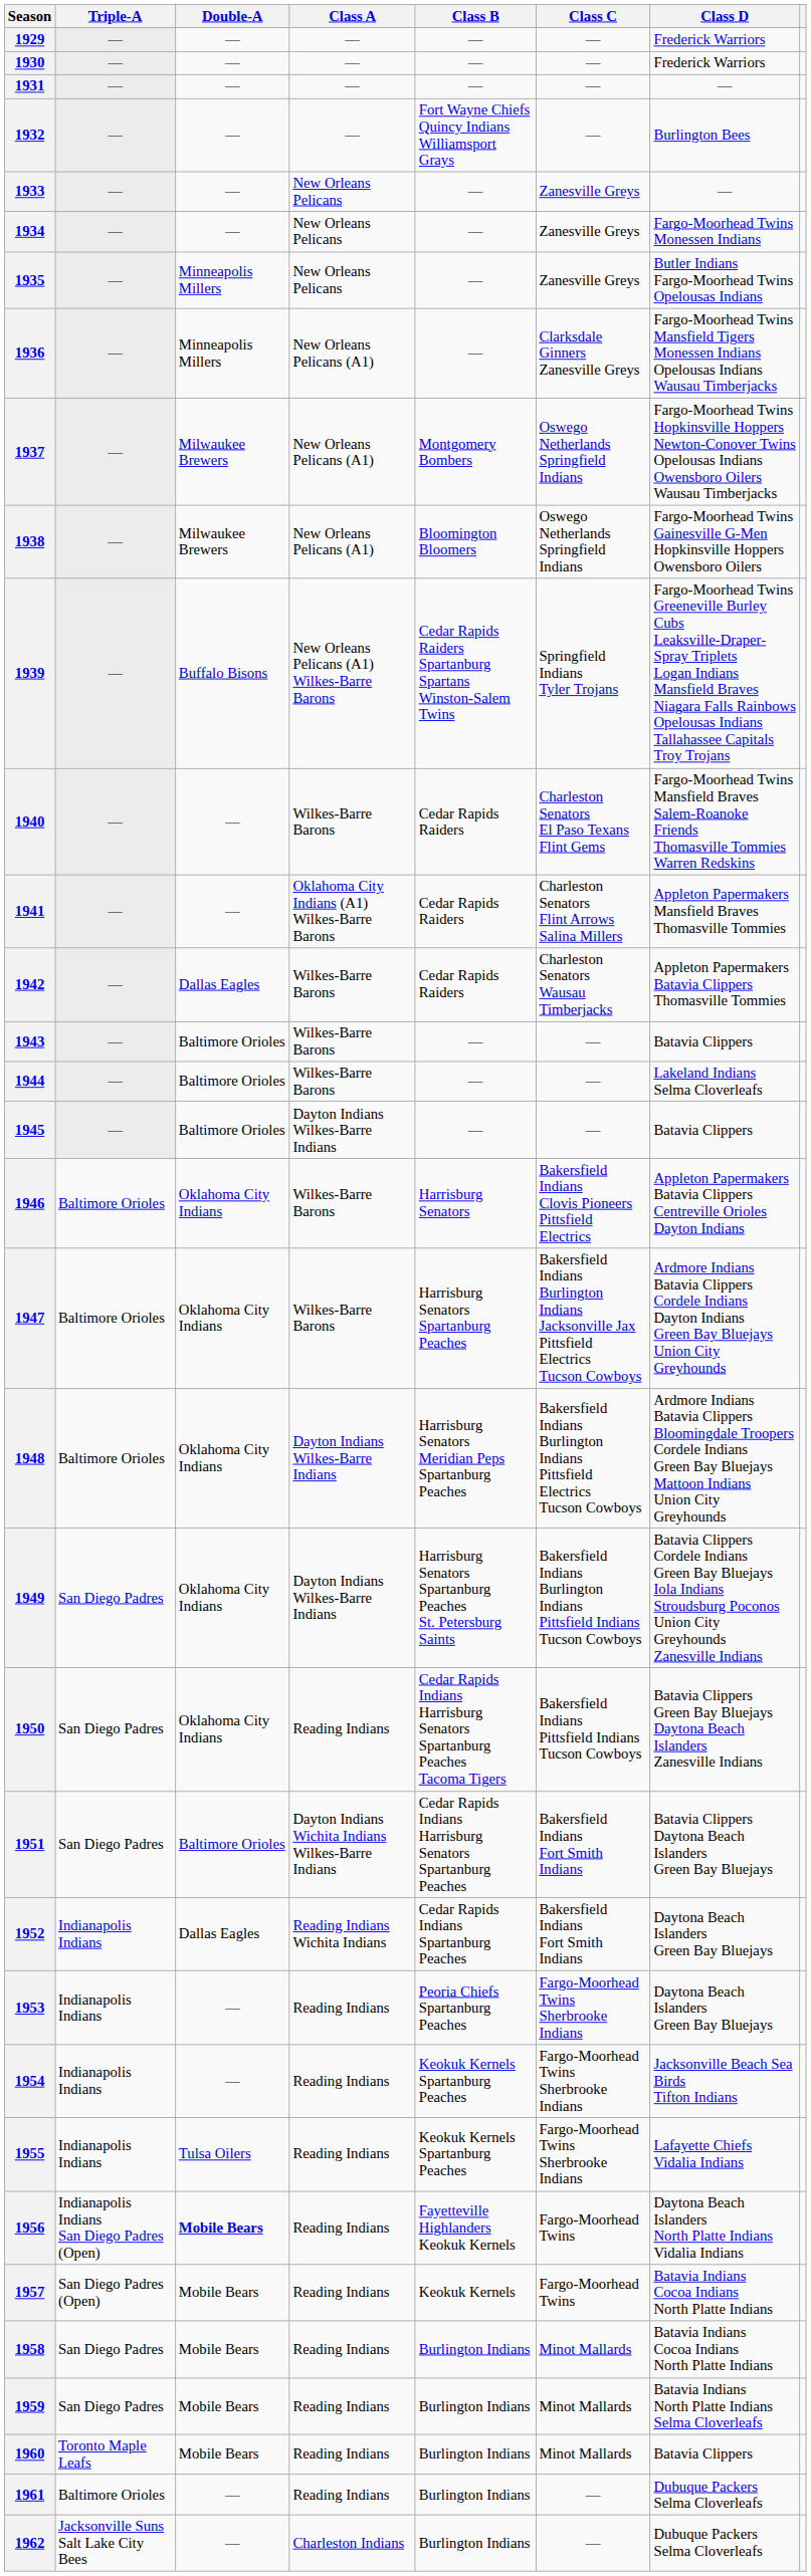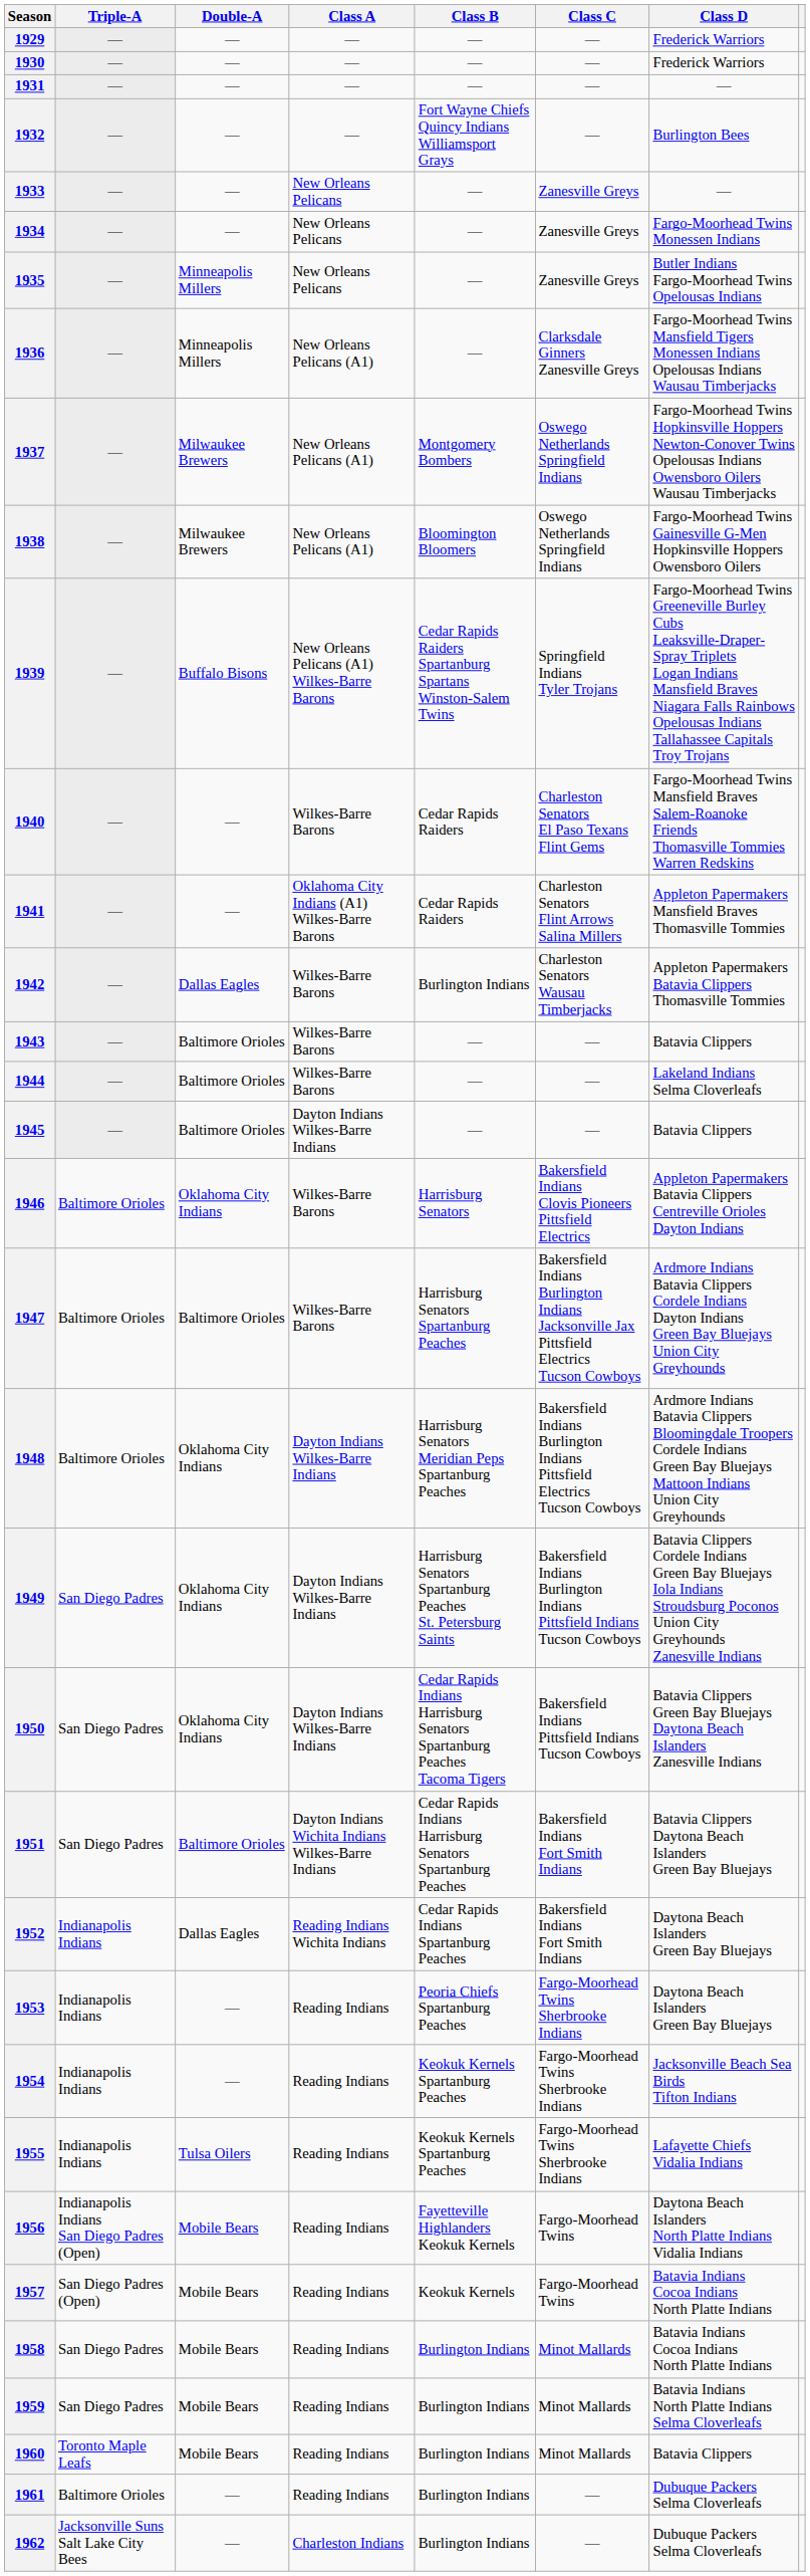 <table class="wikitable plainrowheaders">
 <tr>
 <th scope="col">Season</th>
 <th scope="col"><a href='#'><span>Triple-A</span></a></th>
 <th scope="col"><a href='#'><span>Double-A</span></a></th>
 <th scope="col"><a href='#'><span>Class A</span></a></th>
 <th scope="col"><a href='#'><span>Class B</span></a></th>
 <th scope="col"><a href='#'><span>Class C</span></a></th>
 <th scope="col"><a href='#'><span>Class D</span></a></th>
 <th scope="col"></th>
 </tr>
 <tr>
 <th scope="row" style="text-align:center"><a href='#'>1929</a></th>
 <td style="background:#ececec" align="center">—</td>
 <td align="center">—</td>
 <td align="center">—</td>
 <td align="center">—</td>
 <td align="center">—</td>
 <td><a href='#'>Frederick Warriors</a></td>
 <td align="center"></td>
 </tr>
 <tr>
 <th scope="row" style="text-align:center"><a href='#'>1930</a></th>
 <td style="background:#ececec" align="center">—</td>
 <td align="center">—</td>
 <td align="center">—</td>
 <td align="center">—</td>
 <td align="center">—</td>
 <td>Frederick Warriors</td>
 <td align="center"></td>
 </tr>
 <tr>
 <th scope="row" style="text-align:center"><a href='#'>1931</a></th>
 <td style="background:#ececec" align="center">—</td>
 <td align="center">—</td>
 <td align="center">—</td>
 <td align="center">—</td>
 <td align="center">—</td>
 <td align="center">—</td>
 <td align="center"></td>
 </tr>
 <tr>
 <th scope="row" style="text-align:center"><a href='#'>1932</a></th>
 <td style="background:#ececec" align="center">—</td>
 <td align="center">—</td>
 <td align="center">—</td>
 <td><a href='#'>Fort Wayne Chiefs</a><br><a href='#'>Quincy Indians</a><br><a href='#'>Williamsport Grays</a></td>
 <td align="center">—</td>
 <td><a href='#'>Burlington Bees</a></td>
 <td align="center"></td>
 </tr>
 <tr>
 <th scope="row" style="text-align:center"><a href='#'>1933</a></th>
 <td style="background:#ececec" align="center">—</td>
 <td align="center">—</td>
 <td><a href='#'>New Orleans Pelicans</a></td>
 <td align="center">—</td>
 <td><a href='#'>Zanesville Greys</a></td>
 <td align="center">—</td>
 <td align="center"></td>
 </tr>
 <tr>
 <th scope="row" style="text-align:center"><a href='#'>1934</a></th>
 <td style="background:#ececec" align="center">—</td>
 <td align="center">—</td>
 <td>New Orleans Pelicans</td>
 <td align="center">—</td>
 <td>Zanesville Greys</td>
 <td><a href='#'>Fargo-Moorhead Twins</a><br><a href='#'>Monessen Indians</a></td>
 <td align="center"></td>
 </tr>
 <tr>
 <th scope="row" style="text-align:center"><a href='#'>1935</a></th>
 <td style="background:#ececec" align="center">—</td>
 <td><a href='#'>Minneapolis Millers</a></td>
 <td>New Orleans Pelicans</td>
 <td align="center">—</td>
 <td>Zanesville Greys</td>
 <td><a href='#'>Butler Indians</a><br>Fargo-Moorhead Twins<br><a href='#'>Opelousas Indians</a></td>
 <td align="center"></td>
 </tr>
 <tr>
 <th scope="row" style="text-align:center"><a href='#'>1936</a></th>
 <td style="background:#ececec" align="center">—</td>
 <td>Minneapolis Millers</td>
 <td>New Orleans Pelicans (A1)</td>
 <td align="center">—</td>
 <td><a href='#'>Clarksdale Ginners</a><br>Zanesville Greys</td>
 <td>Fargo-Moorhead Twins<br><a href='#'>Mansfield Tigers</a><br><a href='#'>Monessen Indians</a><br>Opelousas Indians<br><a href='#'>Wausau Timberjacks</a></td>
 <td align="center"></td>
 </tr>
 <tr>
 <th scope="row" style="text-align:center"><a href='#'>1937</a></th>
 <td style="background:#ececec" align="center">—</td>
 <td><a href='#'>Milwaukee Brewers</a></td>
 <td>New Orleans Pelicans (A1)</td>
 <td><a href='#'>Montgomery Bombers</a></td>
 <td><a href='#'>Oswego Netherlands</a><br><a href='#'>Springfield Indians</a></td>
 <td>Fargo-Moorhead Twins<br><a href='#'>Hopkinsville Hoppers</a><br><a href='#'>Newton-Conover Twins</a><br>Opelousas Indians<br><a href='#'>Owensboro Oilers</a><br>Wausau Timberjacks</td>
 <td align="center"></td>
 </tr>
 <tr>
 <th scope="row" style="text-align:center"><a href='#'>1938</a></th>
 <td style="background:#ececec" align="center">—</td>
 <td>Milwaukee Brewers</td>
 <td>New Orleans Pelicans (A1)</td>
 <td><a href='#'>Bloomington Bloomers</a></td>
 <td>Oswego Netherlands<br>Springfield Indians</td>
 <td>Fargo-Moorhead Twins<br><a href='#'>Gainesville G-Men</a><br>Hopkinsville Hoppers<br>Owensboro Oilers</td>
 <td align="center"></td>
 </tr>
 <tr>
 <th scope="row" style="text-align:center"><a href='#'>1939</a></th>
 <td style="background:#ececec" align="center">—</td>
 <td><a href='#'>Buffalo Bisons</a></td>
 <td>New Orleans Pelicans (A1)<br><a href='#'>Wilkes-Barre Barons</a></td>
 <td><a href='#'>Cedar Rapids Raiders</a><br><a href='#'>Spartanburg Spartans</a><br><a href='#'>Winston-Salem Twins</a></td>
 <td>Springfield Indians<br><a href='#'>Tyler Trojans</a></td>
 <td>Fargo-Moorhead Twins<br><a href='#'>Greeneville Burley Cubs</a><br><a href='#'>Leaksville-Draper-Spray Triplets</a><br><a href='#'>Logan Indians</a><br><a href='#'>Mansfield Braves</a><br><a href='#'>Niagara Falls Rainbows</a><br><a href='#'>Opelousas Indians</a><br><a href='#'>Tallahassee Capitals</a><br><a href='#'>Troy Trojans</a></td>
 <td align="center"></td>
 </tr>
 <tr>
 <th scope="row" style="text-align:center"><a href='#'>1940</a></th>
 <td style="background:#ececec" align="center">—</td>
 <td align="center">—</td>
 <td>Wilkes-Barre Barons</td>
 <td>Cedar Rapids Raiders</td>
 <td><a href='#'>Charleston Senators</a><br><a href='#'>El Paso Texans</a><br><a href='#'>Flint Gems</a></td>
 <td>Fargo-Moorhead Twins<br>Mansfield Braves<br><a href='#'>Salem-Roanoke Friends</a><br><a href='#'>Thomasville Tommies</a><br><a href='#'>Warren Redskins</a></td>
 <td align="center"></td>
 </tr>
 <tr>
 <th scope="row" style="text-align:center"><a href='#'>1941</a></th>
 <td style="background:#ececec" align="center">—</td>
 <td align="center">—</td>
 <td><a href='#'>Oklahoma City Indians</a> (A1)<br>Wilkes-Barre Barons</td>
 <td>Cedar Rapids Raiders</td>
 <td>Charleston Senators<br><a href='#'>Flint Arrows</a><br><a href='#'>Salina Millers</a></td>
 <td><a href='#'>Appleton Papermakers</a><br>Mansfield Braves<br>Thomasville Tommies</td>
 <td align="center"></td>
 </tr>
 <tr>
 <th scope="row" style="text-align:center"><a href='#'>1942</a></th>
 <td style="background:#ececec" align="center">—</td>
 <td><a href='#'>Dallas Eagles</a></td>
 <td>Wilkes-Barre Barons</td>
-<td>Cedar Rapids Raiders</td>
+<td>Burlington Indians</td>
 <td>Charleston Senators<br><a href='#'>Wausau Timberjacks</a></td>
 <td>Appleton Papermakers<br><a href='#'>Batavia Clippers</a><br>Thomasville Tommies</td>
 <td align="center"></td>
 </tr>
 <tr>
 <th scope="row" style="text-align:center"><a href='#'>1943</a></th>
 <td style="background:#ececec" align="center">—</td>
 <td>Baltimore Orioles</td>
 <td>Wilkes-Barre Barons</td>
 <td align="center">—</td>
 <td align="center">—</td>
 <td>Batavia Clippers</td>
 <td align="center"></td>
 </tr>
 <tr>
 <th scope="row" style="text-align:center"><a href='#'>1944</a></th>
 <td style="background:#ececec" align="center">—</td>
 <td>Baltimore Orioles</td>
 <td>Wilkes-Barre Barons</td>
 <td align="center">—</td>
 <td align="center">—</td>
 <td><a href='#'>Lakeland Indians</a><br>Selma Cloverleafs</td>
 <td align="center"></td>
 </tr>
 <tr>
 <th scope="row" style="text-align:center"><a href='#'>1945</a></th>
 <td style="background:#ececec" align="center">—</td>
 <td>Baltimore Orioles</td>
 <td>Dayton Indians<br>Wilkes-Barre Indians</td>
 <td align="center">—</td>
 <td align="center">—</td>
 <td>Batavia Clippers</td>
 <td align="center"></td>
 </tr>
 <tr>
 <th scope="row" style="text-align:center"><a href='#'>1946</a></th>
 <td><a href='#'>Baltimore Orioles</a></td>
 <td><a href='#'>Oklahoma City Indians</a></td>
 <td>Wilkes-Barre Barons</td>
 <td><a href='#'>Harrisburg Senators</a></td>
 <td><a href='#'>Bakersfield Indians</a><br><a href='#'>Clovis Pioneers</a><br><a href='#'>Pittsfield Electrics</a></td>
 <td><a href='#'>Appleton Papermakers</a><br>Batavia Clippers<br><a href='#'>Centreville Orioles</a><br><a href='#'>Dayton Indians</a></td>
 <td align="center"></td>
 </tr>
 <tr>
 <th scope="row" style="text-align:center"><a href='#'>1947</a></th>
 <td>Baltimore Orioles</td>
-<td>Oklahoma City Indians</td>
+<td>Baltimore Orioles</td>
 <td>Wilkes-Barre Barons</td>
 <td>Harrisburg Senators<br><a href='#'>Spartanburg Peaches</a></td>
 <td>Bakersfield Indians<br><a href='#'>Burlington Indians</a><br><a href='#'>Jacksonville Jax</a><br>Pittsfield Electrics<br><a href='#'>Tucson Cowboys</a></td>
 <td><a href='#'>Ardmore Indians</a><br>Batavia Clippers<br><a href='#'>Cordele Indians</a><br>Dayton Indians<br><a href='#'>Green Bay Bluejays</a><br><a href='#'>Union City Greyhounds</a></td>
 <td align="center"></td>
 </tr>
 <tr>
 <th scope="row" style="text-align:center"><a href='#'>1948</a></th>
 <td>Baltimore Orioles</td>
 <td>Oklahoma City Indians</td>
 <td><a href='#'>Dayton Indians</a><br><a href='#'>Wilkes-Barre Indians</a></td>
 <td>Harrisburg Senators<br><a href='#'>Meridian Peps</a><br>Spartanburg Peaches</td>
 <td>Bakersfield Indians<br>Burlington Indians<br>Pittsfield Electrics<br>Tucson Cowboys</td>
 <td>Ardmore Indians<br>Batavia Clippers<br><a href='#'>Bloomingdale Troopers</a><br>Cordele Indians<br>Green Bay Bluejays<br><a href='#'>Mattoon Indians</a><br>Union City Greyhounds</td>
 <td align="center"></td>
 </tr>
 <tr>
 <th scope="row" style="text-align:center"><a href='#'>1949</a></th>
 <td><a href='#'>San Diego Padres</a></td>
 <td>Oklahoma City Indians</td>
 <td>Dayton Indians<br>Wilkes-Barre Indians</td>
 <td>Harrisburg Senators<br>Spartanburg Peaches<br><a href='#'>St. Petersburg Saints</a></td>
 <td>Bakersfield Indians<br>Burlington Indians<br><a href='#'>Pittsfield Indians</a><br>Tucson Cowboys</td>
 <td>Batavia Clippers<br>Cordele Indians<br>Green Bay Bluejays<br><a href='#'>Iola Indians</a><br><a href='#'>Stroudsburg Poconos</a><br>Union City Greyhounds<br><a href='#'>Zanesville Indians</a></td>
 <td align="center"></td>
 </tr>
 <tr>
 <th scope="row" style="text-align:center"><a href='#'>1950</a></th>
 <td>San Diego Padres</td>
 <td>Oklahoma City Indians</td>
-<td>Reading Indians</td>
+<td>Dayton Indians<br>Wilkes-Barre Indians</td>
 <td><a href='#'>Cedar Rapids Indians</a><br>Harrisburg Senators<br>Spartanburg Peaches<br><a href='#'>Tacoma Tigers</a></td>
 <td>Bakersfield Indians<br>Pittsfield Indians<br>Tucson Cowboys</td>
 <td>Batavia Clippers<br>Green Bay Bluejays<br><a href='#'>Daytona Beach Islanders</a><br>Zanesville Indians</td>
 <td align="center"></td>
 </tr>
 <tr>
 <th scope="row" style="text-align:center"><a href='#'>1951</a></th>
 <td>San Diego Padres</td>
 <td><a href='#'>Baltimore Orioles</a></td>
 <td>Dayton Indians<br><a href='#'>Wichita Indians</a><br>Wilkes-Barre Indians</td>
 <td>Cedar Rapids Indians<br>Harrisburg Senators<br>Spartanburg Peaches</td>
 <td>Bakersfield Indians<br><a href='#'>Fort Smith Indians</a></td>
 <td>Batavia Clippers<br>Daytona Beach Islanders<br>Green Bay Bluejays</td>
 <td align="center"></td>
 </tr>
 <tr>
 <th scope="row" style="text-align:center"><a href='#'>1952</a></th>
 <td><a href='#'>Indianapolis Indians</a></td>
 <td>Dallas Eagles</td>
 <td><a href='#'>Reading Indians</a><br>Wichita Indians</td>
 <td>Cedar Rapids Indians<br>Spartanburg Peaches</td>
 <td>Bakersfield Indians<br>Fort Smith Indians</td>
 <td>Daytona Beach Islanders<br>Green Bay Bluejays</td>
 <td align="center"></td>
 </tr>
 <tr>
 <th scope="row" style="text-align:center"><a href='#'>1953</a></th>
 <td>Indianapolis Indians</td>
 <td align="center">—</td>
 <td>Reading Indians</td>
 <td><a href='#'>Peoria Chiefs</a><br>Spartanburg Peaches</td>
 <td><a href='#'>Fargo-Moorhead Twins</a><br><a href='#'>Sherbrooke Indians</a></td>
 <td>Daytona Beach Islanders<br>Green Bay Bluejays</td>
 <td align="center"></td>
 </tr>
 <tr>
 <th scope="row" style="text-align:center"><a href='#'>1954</a></th>
 <td>Indianapolis Indians</td>
 <td align="center">—</td>
 <td>Reading Indians</td>
 <td><a href='#'>Keokuk Kernels</a><br>Spartanburg Peaches</td>
 <td>Fargo-Moorhead Twins<br>Sherbrooke Indians</td>
 <td><a href='#'>Jacksonville Beach Sea Birds</a><br><a href='#'>Tifton Indians</a></td>
 <td align="center"></td>
 </tr>
 <tr>
 <th scope="row" style="text-align:center"><a href='#'>1955</a></th>
 <td>Indianapolis Indians</td>
 <td><a href='#'>Tulsa Oilers</a></td>
 <td>Reading Indians</td>
 <td>Keokuk Kernels<br>Spartanburg Peaches</td>
 <td>Fargo-Moorhead Twins<br>Sherbrooke Indians</td>
 <td><a href='#'>Lafayette Chiefs</a><br><a href='#'>Vidalia Indians</a></td>
 <td align="center"></td>
 </tr>
 <tr>
 <th scope="row" style="text-align:center"><a href='#'>1956</a></th>
 <td>Indianapolis Indians<br><a href='#'>San Diego Padres</a> (Open)</td>
-<td><strong><a href='#'>Mobile Bears</a></strong></td>
+<td><a href='#'>Mobile Bears</a></td>
 <td>Reading Indians</td>
 <td><a href='#'>Fayetteville Highlanders</a><br>Keokuk Kernels</td>
 <td>Fargo-Moorhead Twins</td>
 <td>Daytona Beach Islanders<br><a href='#'>North Platte Indians</a><br>Vidalia Indians</td>
 <td align="center"></td>
 </tr>
 <tr>
 <th scope="row" style="text-align:center"><a href='#'>1957</a></th>
 <td>San Diego Padres (Open)</td>
 <td>Mobile Bears</td>
 <td>Reading Indians</td>
 <td>Keokuk Kernels</td>
 <td>Fargo-Moorhead Twins</td>
 <td><a href='#'>Batavia Indians</a><br><a href='#'>Cocoa Indians</a><br>North Platte Indians</td>
 <td align="center"></td>
 </tr>
 <tr>
 <th scope="row" style="text-align:center"><a href='#'>1958</a></th>
 <td>San Diego Padres</td>
 <td>Mobile Bears</td>
 <td>Reading Indians</td>
 <td><a href='#'>Burlington Indians</a></td>
 <td><a href='#'>Minot Mallards</a></td>
 <td>Batavia Indians<br>Cocoa Indians<br>North Platte Indians</td>
 <td align="center"></td>
 </tr>
 <tr>
 <th scope="row" style="text-align:center"><a href='#'>1959</a></th>
 <td>San Diego Padres</td>
 <td>Mobile Bears</td>
 <td>Reading Indians</td>
 <td>Burlington Indians</td>
 <td>Minot Mallards</td>
 <td>Batavia Indians<br>North Platte Indians<br><a href='#'>Selma Cloverleafs</a></td>
 <td align="center"></td>
 </tr>
 <tr>
 <th scope="row" style="text-align:center"><a href='#'>1960</a></th>
 <td><a href='#'>Toronto Maple Leafs</a></td>
 <td>Mobile Bears</td>
 <td>Reading Indians</td>
 <td>Burlington Indians</td>
 <td>Minot Mallards</td>
 <td>Batavia Clippers</td>
 <td align="center"></td>
 </tr>
 <tr>
 <th scope="row" style="text-align:center"><a href='#'>1961</a></th>
 <td>Baltimore Orioles</td>
 <td align="center">—</td>
 <td>Reading Indians</td>
 <td>Burlington Indians</td>
 <td align="center">—</td>
 <td><a href='#'>Dubuque Packers</a><br>Selma Cloverleafs</td>
 <td align="center"></td>
 </tr>
 <tr>
 <th scope="row" style="text-align:center"><a href='#'>1962</a></th>
 <td><a href='#'>Jacksonville Suns</a><br>Salt Lake City Bees</td>
 <td align="center">—</td>
 <td><a href='#'>Charleston Indians</a></td>
 <td>Burlington Indians</td>
 <td align="center">—</td>
 <td>Dubuque Packers<br>Selma Cloverleafs</td>
 <td align="center"></td>
 </tr>
 </table>
